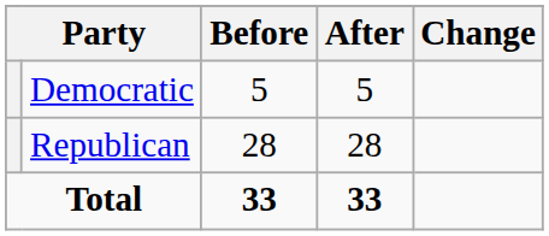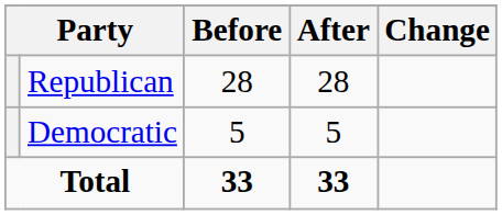 <table class="wikitable" style="text-align:center;">
 <tr>
 </tr>
 <tr>
 <th colspan=2>Party</th>
 <th>Before</th>
 <th>After</th>
 <th>Change</th>
 </tr>
 <tr>
 <th style="background-color:"></th>
-<td style="text-align:left;"><a href='#'>Democratic</a></td>
-<td>5</td>
-<td>5</td>
+<td style="text-align:left;"><a href='#'>Republican</a></td>
+<td>28</td>
+<td>28</td>
 <td></td>
 </tr>
 <tr>
 <th style="background-color:"></th>
-<td style="text-align:left;"><a href='#'>Republican</a></td>
-<td>28</td>
-<td>28</td>
+<td style="text-align:left;"><a href='#'>Democratic</a></td>
+<td>5</td>
+<td>5</td>
 <td></td>
 </tr>
 <tr>
 <td colspan=2><strong>Total</strong></td>
 <td><strong>33</strong></td>
 <td><strong>33</strong></td>
 <td></td>
 </tr>
 </table>
